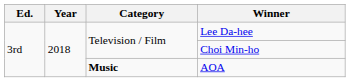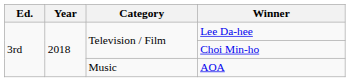 <table class="wikitable">
 <tr align=center>
 <th style="width:50px">Ed.</th>
 <th style="width:50px">Year</th>
 <th style="width:150px">Category</th>
 <th style="width:200px">Winner</th>
 </tr>
 <tr>
 <td rowspan="3">3rd</td>
 <td rowspan="3">2018</td>
 <td rowspan="2">Television / Film</td>
 <td><a href='#'>Lee Da-hee</a></td>
 </tr>
 <tr>
 <td><a href='#'>Choi Min-ho</a></td>
 </tr>
 <tr>
-<td><strong>Music</strong></td>
+<td>Music</td>
 <td><a href='#'>AOA</a></td>
 </tr>
 </table>
